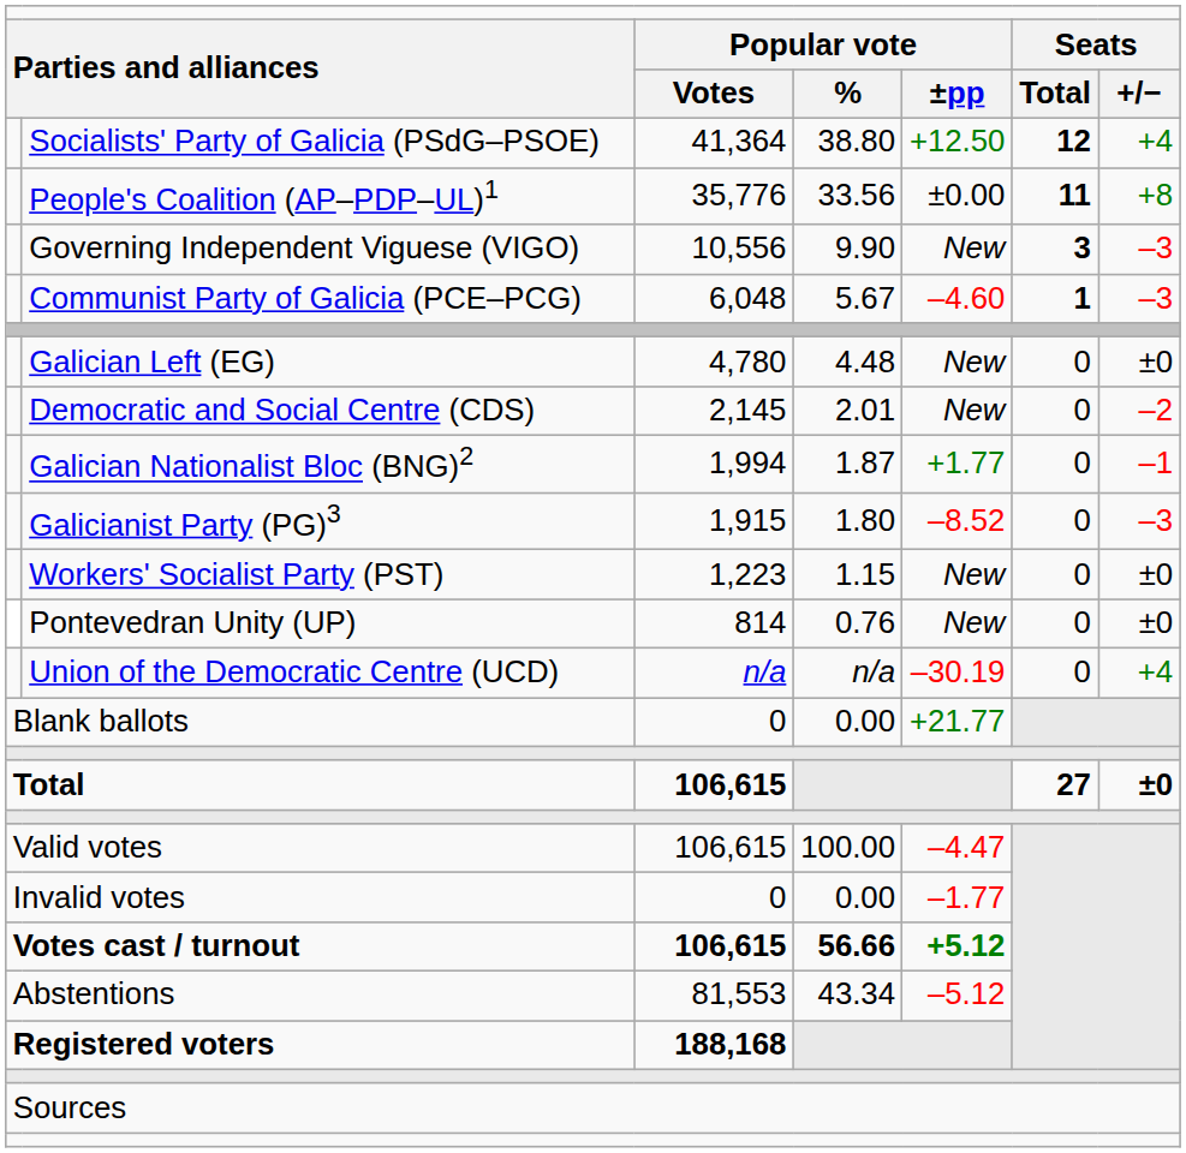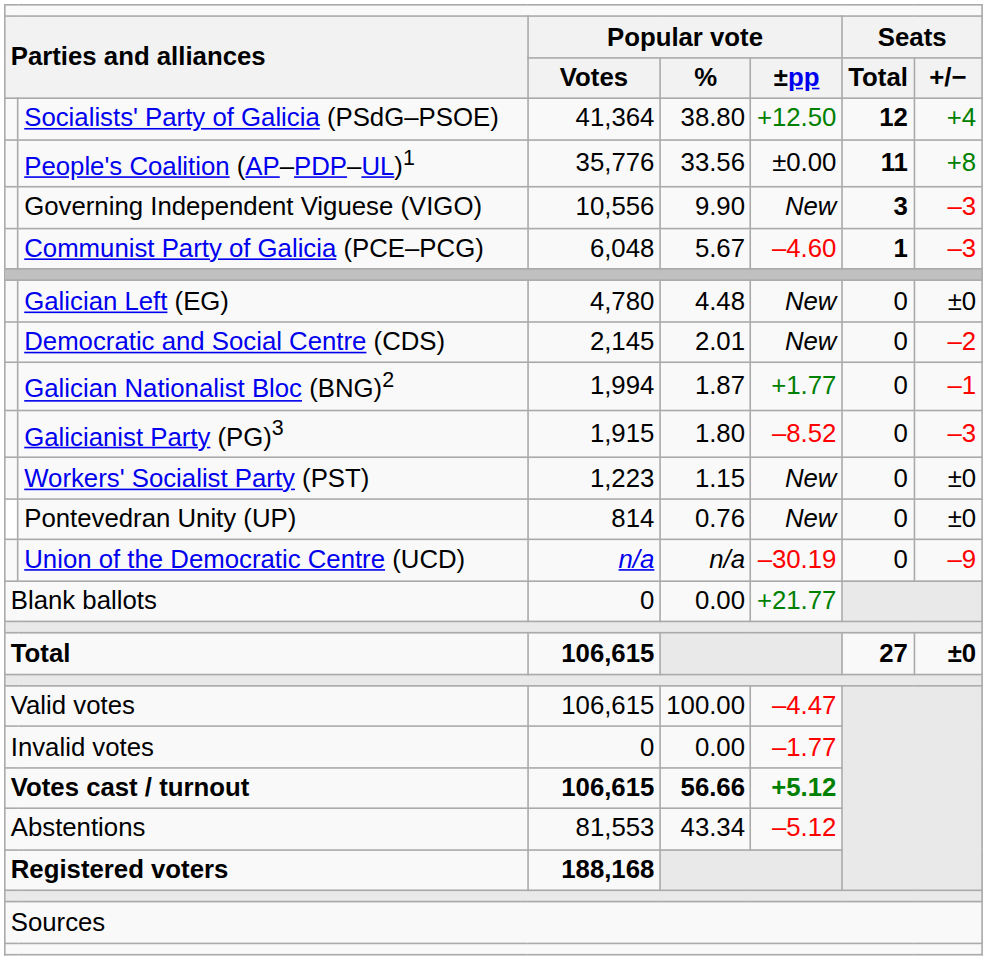 <table class="wikitable" style="text-align:right;">
 <tr>
 <td colspan="7"></td>
 </tr>
 <tr>
 <th style="text-align:left;" rowspan="2" colspan="2" width="525">Parties and alliances</th>
 <th colspan="3">Popular vote</th>
 <th colspan="2">Seats</th>
 </tr>
 <tr>
 <th width="75">Votes</th>
 <th width="45">%</th>
 <th width="45">±<a href='#'>pp</a></th>
 <th width="35">Total</th>
 <th width="35">+/−</th>
 </tr>
 <tr>
 <td width="1" style="color:inherit;background:"></td>
 <td align="left"><a href='#'>Socialists' Party of Galicia</a> (PSdG–PSOE)</td>
 <td>41,364</td>
 <td>38.80</td>
 <td style="color:green;">+12.50</td>
 <td><strong>12</strong></td>
 <td style="color:green;">+4</td>
 </tr>
 <tr>
 <td style="color:inherit;background:"></td>
 <td align="left"><a href='#'>People's Coalition</a> (<a href='#'>AP</a>–<a href='#'>PDP</a>–<a href='#'>UL</a>)<sup>1</sup></td>
 <td>35,776</td>
 <td>33.56</td>
 <td>±0.00</td>
 <td><strong>11</strong></td>
 <td style="color:green;">+8</td>
 </tr>
 <tr>
 <td style="color:inherit;background:"></td>
 <td align="left">Governing Independent Viguese (VIGO)</td>
 <td>10,556</td>
 <td>9.90</td>
 <td><em>New</em></td>
 <td><strong>3</strong></td>
 <td style="color:red;">–3</td>
 </tr>
 <tr>
 <td style="color:inherit;background:"></td>
 <td align="left"><a href='#'>Communist Party of Galicia</a> (PCE–PCG)</td>
 <td>6,048</td>
 <td>5.67</td>
 <td style="color:red;">–4.60</td>
 <td><strong>1</strong></td>
 <td style="color:red;">–3</td>
 </tr>
 <tr>
 <td colspan="7" bgcolor="#C0C0C0"></td>
 </tr>
 <tr>
 <td style="color:inherit;background:"></td>
 <td align="left"><a href='#'>Galician Left</a> (EG)</td>
 <td>4,780</td>
 <td>4.48</td>
 <td><em>New</em></td>
 <td>0</td>
 <td>±0</td>
 </tr>
 <tr>
 <td style="color:inherit;background:"></td>
 <td align="left"><a href='#'>Democratic and Social Centre</a> (CDS)</td>
 <td>2,145</td>
 <td>2.01</td>
 <td><em>New</em></td>
 <td>0</td>
 <td style="color:red;">–2</td>
 </tr>
 <tr>
 <td style="color:inherit;background:"></td>
 <td align="left"><a href='#'>Galician Nationalist Bloc</a> (BNG)<sup>2</sup></td>
 <td>1,994</td>
 <td>1.87</td>
 <td style="color:green;">+1.77</td>
 <td>0</td>
 <td style="color:red;">–1</td>
 </tr>
 <tr>
 <td style="color:inherit;background:"></td>
 <td align="left"><a href='#'>Galicianist Party</a> (PG)<sup>3</sup></td>
 <td>1,915</td>
 <td>1.80</td>
 <td style="color:red;">–8.52</td>
 <td>0</td>
 <td style="color:red;">–3</td>
 </tr>
 <tr>
 <td style="color:inherit;background:"></td>
 <td align="left"><a href='#'>Workers' Socialist Party</a> (PST)</td>
 <td>1,223</td>
 <td>1.15</td>
 <td><em>New</em></td>
 <td>0</td>
 <td>±0</td>
 </tr>
 <tr>
 <td bgcolor="white"></td>
 <td align="left">Pontevedran Unity (UP)</td>
 <td>814</td>
 <td>0.76</td>
 <td><em>New</em></td>
 <td>0</td>
 <td>±0</td>
 </tr>
 <tr>
 <td style="color:inherit;background:"></td>
 <td align="left"><a href='#'>Union of the Democratic Centre</a> (UCD)</td>
 <td><em><a href='#'>n/a</a></em></td>
 <td><em>n/a</em></td>
 <td style="color:red;">–30.19</td>
 <td>0</td>
-<td style="color:green;">+4</td>
+<td style="color:red;">–9</td>
 </tr>
 <tr>
 <td align="left" colspan="2">Blank ballots</td>
 <td>0</td>
 <td>0.00</td>
 <td style="color:green;">+21.77</td>
 <td bgcolor="#E9E9E9" colspan="2"></td>
 </tr>
 <tr>
 <td colspan="7" bgcolor="#E9E9E9"></td>
 </tr>
 <tr style="font-weight:bold;">
 <td align="left" colspan="2">Total</td>
 <td>106,615</td>
 <td bgcolor="#E9E9E9" colspan="2"></td>
 <td>27</td>
 <td>±0</td>
 </tr>
 <tr>
 <td colspan="7" bgcolor="#E9E9E9"></td>
 </tr>
 <tr>
 <td align="left" colspan="2">Valid votes</td>
 <td>106,615</td>
 <td>100.00</td>
 <td style="color:red;">–4.47</td>
 <td bgcolor="#E9E9E9" colspan="2" rowspan="5"></td>
 </tr>
 <tr>
 <td align="left" colspan="2">Invalid votes</td>
 <td>0</td>
 <td>0.00</td>
 <td style="color:red;">–1.77</td>
 </tr>
 <tr style="font-weight:bold;">
 <td align="left" colspan="2">Votes cast / turnout</td>
 <td>106,615</td>
 <td>56.66</td>
 <td style="color:green;">+5.12</td>
 </tr>
 <tr>
 <td align="left" colspan="2">Abstentions</td>
 <td>81,553</td>
 <td>43.34</td>
 <td style="color:red;">–5.12</td>
 </tr>
 <tr style="font-weight:bold;">
 <td align="left" colspan="2">Registered voters</td>
 <td>188,168</td>
 <td bgcolor="#E9E9E9" colspan="2"></td>
 </tr>
 <tr>
 <td colspan="7" bgcolor="#E9E9E9"></td>
 </tr>
 <tr>
 <td align="left" colspan="7">Sources</td>
 </tr>
 <tr>
 <td colspan="7" style="text-align:left; max-width:790px;"></td>
 </tr>
 </table>
